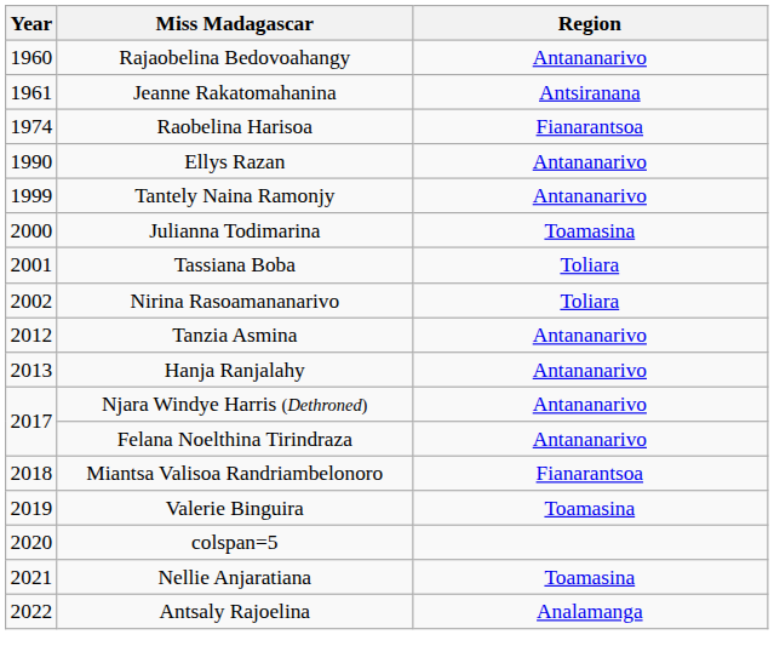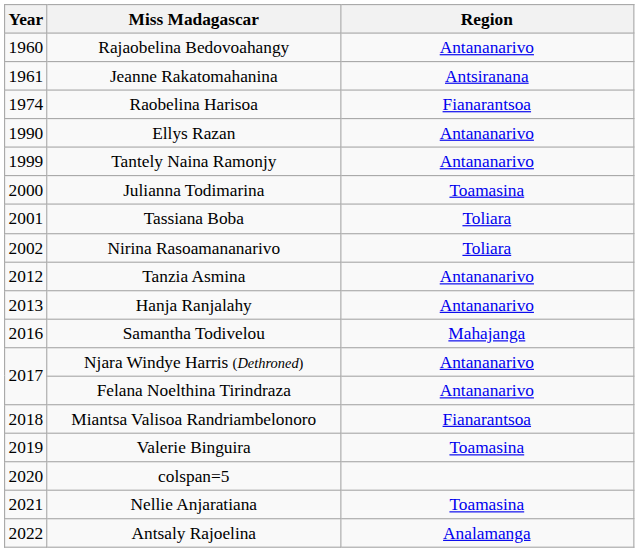 <table class="wikitable sortable" style="font-size:95%; text-align:center;">
 <tr>
 <th !width="60">Year</th>
 <th width="250">Miss Madagascar</th>
 <th width="250">Region</th>
 </tr>
 <tr>
 <td>1960</td>
 <td>Rajaobelina Bedovoahangy</td>
 <td><a href='#'>Antananarivo</a></td>
 </tr>
 <tr>
 <td>1961</td>
 <td>Jeanne Rakatomahanina</td>
 <td><a href='#'>Antsiranana</a></td>
 </tr>
 <tr>
 <td>1974</td>
 <td>Raobelina Harisoa</td>
 <td><a href='#'>Fianarantsoa</a></td>
 </tr>
 <tr>
 <td>1990</td>
 <td>Ellys Razan</td>
 <td><a href='#'>Antananarivo</a></td>
 </tr>
 <tr>
 <td>1999</td>
 <td>Tantely Naina Ramonjy</td>
 <td><a href='#'>Antananarivo</a></td>
 </tr>
 <tr>
 <td>2000</td>
 <td>Julianna Todimarina</td>
 <td><a href='#'>Toamasina</a></td>
 </tr>
 <tr>
 <td>2001</td>
 <td>Tassiana Boba</td>
 <td><a href='#'>Toliara</a></td>
 </tr>
 <tr>
 <td>2002</td>
 <td>Nirina Rasoamananarivo</td>
 <td><a href='#'>Toliara</a></td>
 </tr>
 <tr>
 <td>2012</td>
 <td>Tanzia Asmina</td>
 <td><a href='#'>Antananarivo</a></td>
 </tr>
 <tr>
 <td>2013</td>
 <td>Hanja Ranjalahy</td>
 <td><a href='#'>Antananarivo</a></td>
 </tr>
 <tr>
+<td>2016</td>
+<td>Samantha Todivelou</td>
+<td><a href='#'>Mahajanga</a></td>
+</tr>
+<tr>
 <td rowspan=2>2017</td>
 <td>Njara Windye Harris <small>(<em>Dethroned</em>)</small></td>
 <td><a href='#'>Antananarivo</a></td>
 </tr>
 <tr>
 <td>Felana Noelthina Tirindraza</td>
 <td><a href='#'>Antananarivo</a></td>
 </tr>
 <tr>
 <td>2018</td>
 <td>Miantsa Valisoa Randriambelonoro</td>
 <td><a href='#'>Fianarantsoa</a></td>
 </tr>
 <tr>
 <td>2019</td>
 <td>Valerie Binguira</td>
 <td><a href='#'>Toamasina</a></td>
 </tr>
 <tr>
 <td>2020</td>
 <td>colspan=5 </td>
 </tr>
 <tr>
 <td>2021</td>
 <td>Nellie Anjaratiana</td>
 <td><a href='#'>Toamasina</a></td>
 </tr>
 <tr>
 <td>2022</td>
 <td>Antsaly Rajoelina</td>
 <td><a href='#'>Analamanga</a></td>
 </tr>
 </table>
